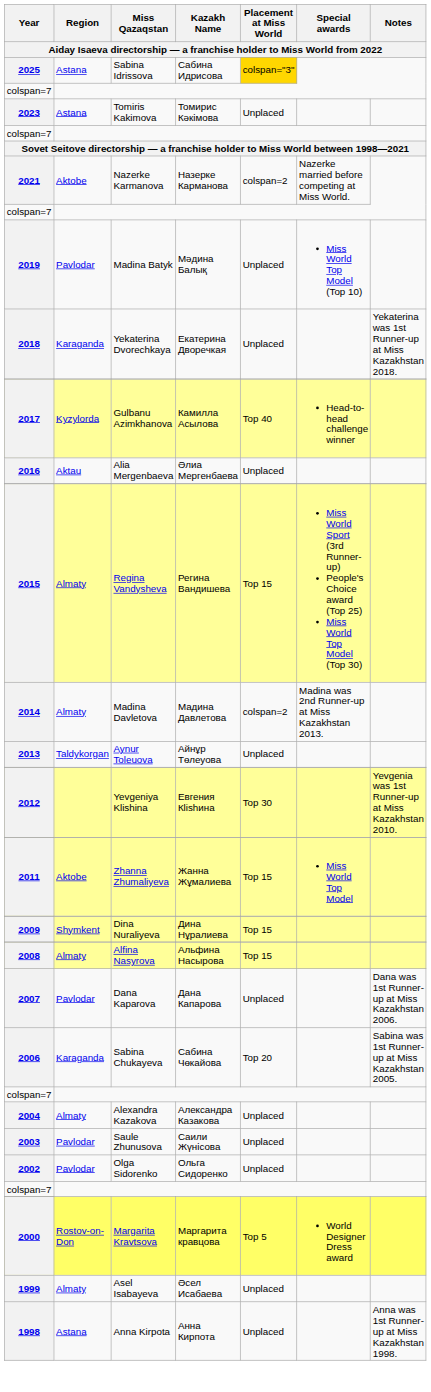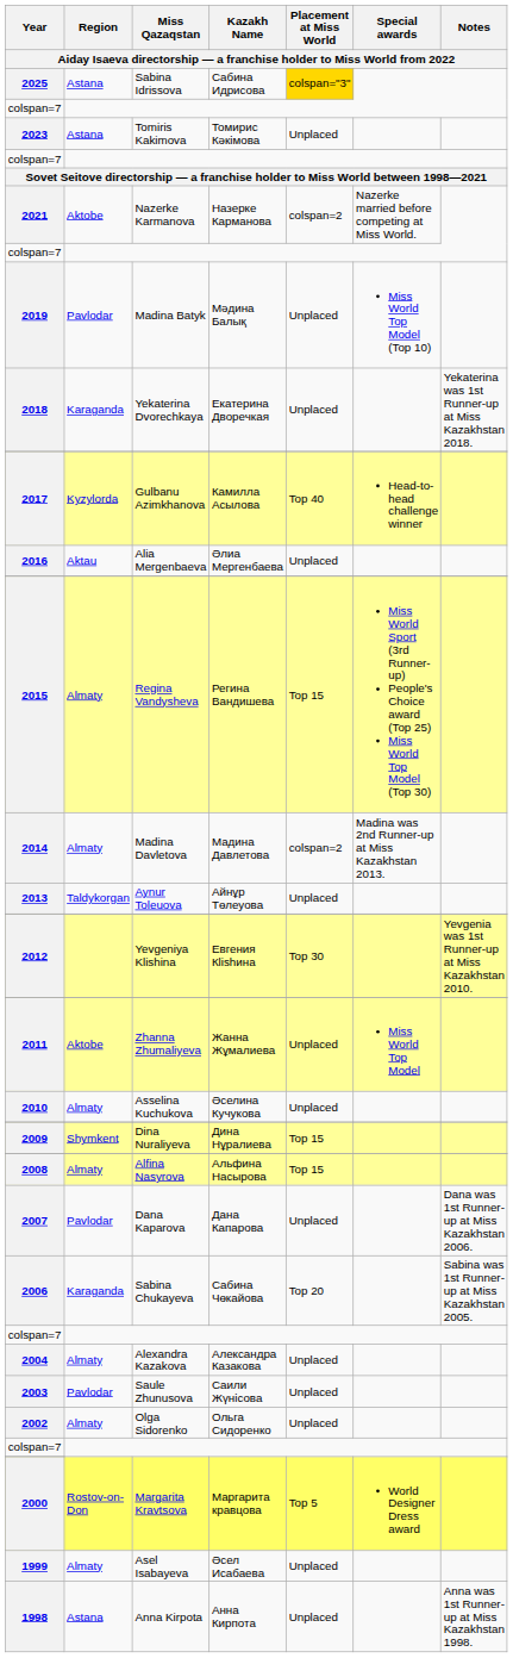 <table class="wikitable " style="font-size: 90%;">
 <tr>
 <th width="60">Year</th>
 <th width="150">Region</th>
 <th width="250">Miss Qazaqstan</th>
 <th width="250">Kazakh Name</th>
 <th width="250">Placement at Miss World</th>
 <th width="250">Special awards</th>
 <th width="250">Notes</th>
 </tr>
 <tr>
 <th colspan="7">Aiday Isaeva directorship — a franchise holder to Miss World from 2022</th>
 </tr>
 <tr>
 <th><a href='#'>2025</a></th>
 <td><a href='#'>Astana</a></td>
 <td>Sabina Idrissova</td>
 <td>Сабина Идрисова</td>
 <td style="background: gold;">colspan="3" </td>
 </tr>
 <tr>
 <td>colspan=7 </td>
 </tr>
 <tr>
 <th><a href='#'>2023</a></th>
 <td><a href='#'>Astana</a></td>
 <td>Tomiris Kakimova</td>
 <td>Томирис Кәкімова</td>
 <td>Unplaced</td>
 <td></td>
 <td></td>
 </tr>
 <tr>
 <td>colspan=7 </td>
 </tr>
 <tr>
 <th colspan="7">Sovet Seitove directorship — a franchise holder to Miss World between 1998―2021</th>
 </tr>
 <tr>
 <th><a href='#'>2021</a></th>
 <td><a href='#'>Aktobe</a></td>
 <td>Nazerke Karmanova</td>
 <td>Назерке Карманова</td>
 <td>colspan=2 </td>
 <td>Nazerke married before competing at Miss World.</td>
 </tr>
 <tr>
 <td>colspan=7 </td>
 </tr>
 <tr>
 <th><a href='#'>2019</a></th>
 <td><a href='#'>Pavlodar</a></td>
 <td>Madina Batyk</td>
 <td>Мәдина Балық</td>
 <td>Unplaced</td>
 <td align="left"><br><ul><li><a href='#'>Miss World Top Model</a> (Top 10)</li></ul></td>
 <td></td>
 </tr>
 <tr>
 <th><a href='#'>2018</a></th>
 <td><a href='#'>Karaganda</a></td>
 <td>Yekaterina Dvorechkaya</td>
 <td>Екатерина Дворечкая</td>
 <td>Unplaced</td>
 <td></td>
 <td>Yekaterina was 1st Runner-up at Miss Kazakhstan 2018.</td>
 </tr>
 <tr>
 </tr>
 <tr style="background-color:#FFFF99; ">
 <th><a href='#'>2017</a></th>
 <td><a href='#'>Kyzylorda</a></td>
 <td>Gulbanu Azimkhanova</td>
 <td>Камилла Асылова</td>
 <td>Top 40</td>
 <td align="left"><br><ul><li>Head-to-head challenge winner</li></ul></td>
 <td></td>
 </tr>
 <tr>
 <th><a href='#'>2016</a></th>
 <td><a href='#'>Aktau</a></td>
 <td>Alia Mergenbaeva</td>
 <td>Әлиа Мергенбаева</td>
 <td>Unplaced</td>
 <td></td>
 <td></td>
 </tr>
 <tr>
 </tr>
 <tr style="background-color:#FFFF99; ">
 <th><a href='#'>2015</a></th>
 <td><a href='#'>Almaty</a></td>
 <td><a href='#'>Regina Vandysheva</a></td>
 <td>Регина Вандишева</td>
 <td>Top 15</td>
 <td align="left"><br><ul><li><a href='#'>Miss World Sport</a> (3rd Runner-up)</li><li>People's Choice award (Top 25)</li><li><a href='#'>Miss World Top Model</a> (Top 30)</li></ul></td>
 <td></td>
 </tr>
 <tr>
 <th><a href='#'>2014</a></th>
 <td><a href='#'>Almaty</a></td>
 <td>Madina Davletova</td>
 <td>Мадина Давлетова</td>
 <td>colspan=2 </td>
 <td>Madina was 2nd Runner-up at Miss Kazakhstan 2013.</td>
 </tr>
 <tr>
 <th><a href='#'>2013</a></th>
 <td><a href='#'>Taldykorgan</a></td>
 <td><a href='#'>Aynur Toleuova</a></td>
 <td>Айнұр Төлеуова</td>
 <td>Unplaced</td>
 <td></td>
 <td></td>
 </tr>
 <tr>
 </tr>
 <tr style="background-color:#FFFF99; ">
 <th><a href='#'>2012</a></th>
 <td></td>
 <td>Yevgeniya Klishina</td>
 <td>Евгения Кlishина</td>
 <td>Top 30</td>
 <td></td>
 <td>Yevgenia was 1st Runner-up at Miss Kazakhstan 2010.</td>
 </tr>
 <tr>
 </tr>
 <tr style="background-color:#FFFF99; ">
 <th><a href='#'>2011</a></th>
 <td><a href='#'>Aktobe</a></td>
 <td><a href='#'>Zhanna Zhumaliyeva</a></td>
 <td>Жанна Жұмалиева</td>
-<td>Top 15</td>
+<td>Unplaced</td>
 <td align="left"><br><ul><li><a href='#'>Miss World Top Model</a></li></ul></td>
+<td></td>
+</tr>
+<tr>
+<th><a href='#'>2010</a></th>
+<td><a href='#'>Almaty</a></td>
+<td>Asselina Kuchukova</td>
+<td>Әселина Кучукова</td>
+<td>Unplaced</td>
+<td></td>
 <td></td>
 </tr>
 <tr>
 </tr>
 <tr style="background-color:#FFFF99; ">
 <th><a href='#'>2009</a></th>
 <td><a href='#'>Shymkent</a></td>
 <td>Dina Nuraliyeva</td>
 <td>Дина Нұралиева</td>
 <td>Top 15</td>
 <td></td>
 <td></td>
 </tr>
 <tr>
 </tr>
 <tr style="background-color:#FFFF99; ">
 <th><a href='#'>2008</a></th>
 <td><a href='#'>Almaty</a></td>
 <td><a href='#'>Alfina Nasyrova</a></td>
 <td>Альфина Насырова</td>
 <td>Top 15</td>
 <td></td>
 <td></td>
 </tr>
 <tr>
 <th><a href='#'>2007</a></th>
 <td><a href='#'>Pavlodar</a></td>
 <td>Dana Kaparova</td>
 <td>Дана Капарова</td>
 <td>Unplaced</td>
 <td></td>
 <td>Dana was 1st Runner-up at Miss Kazakhstan 2006.</td>
 </tr>
 <tr>
 <th><a href='#'>2006</a></th>
 <td><a href='#'>Karaganda</a></td>
 <td>Sabina Chukayeva</td>
 <td>Сабина Чөкайова</td>
 <td>Top 20</td>
 <td></td>
 <td>Sabina was 1st Runner-up at Miss Kazakhstan 2005.</td>
 </tr>
 <tr>
 <td>colspan=7 </td>
 </tr>
 <tr>
 <th><a href='#'>2004</a></th>
 <td><a href='#'>Almaty</a></td>
 <td>Alexandra Kazakova</td>
 <td>Александра Казакова</td>
 <td>Unplaced</td>
 <td></td>
 <td></td>
 </tr>
 <tr>
 <th><a href='#'>2003</a></th>
 <td><a href='#'>Pavlodar</a></td>
 <td>Saule Zhunusova</td>
 <td>Саили Жүнісова</td>
 <td>Unplaced</td>
 <td></td>
 <td></td>
 </tr>
 <tr>
 <th><a href='#'>2002</a></th>
-<td><a href='#'>Pavlodar</a></td>
+<td><a href='#'>Almaty</a></td>
 <td>Olga Sidorenko</td>
 <td>Ольга Сидоренко</td>
 <td>Unplaced</td>
 <td></td>
 <td></td>
 </tr>
 <tr>
 <td>colspan=7 </td>
 </tr>
 <tr>
 </tr>
 <tr style="background-color:#FFFF66; ">
 <th><a href='#'>2000</a></th>
 <td><a href='#'>Rostov-on-Don</a></td>
 <td><a href='#'>Margarita Kravtsova</a></td>
 <td>Маргарита кравцова</td>
 <td>Top 5</td>
 <td align="left"><br><ul><li>World Designer Dress award</li></ul></td>
 <td></td>
 </tr>
 <tr>
 <th><a href='#'>1999</a></th>
 <td><a href='#'>Almaty</a></td>
 <td>Asel Isabayeva</td>
 <td>Әсел Исабаева</td>
 <td>Unplaced</td>
 <td></td>
 <td></td>
 </tr>
 <tr>
 <th><a href='#'>1998</a></th>
 <td><a href='#'>Astana</a></td>
 <td>Anna Kirpota</td>
 <td>Анна Кирпота</td>
 <td>Unplaced</td>
 <td></td>
 <td>Anna was 1st Runner-up at Miss Kazakhstan 1998.</td>
 </tr>
 </table>
